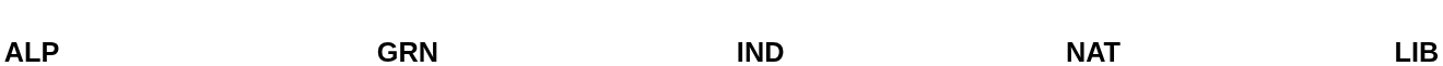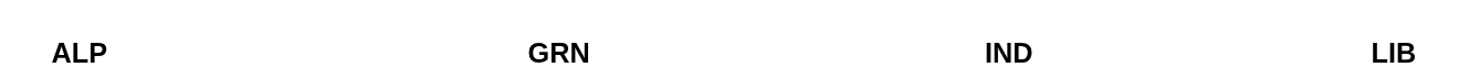 <table style="width:50%; text-align:center;">
 <tr style="color:white;">
 <td style="color:white; background:"><strong>55</strong></td>
 <td style="background:"><strong>3</strong></td>
 <td style="background:"><strong>3</strong></td>
-<td style="background:"><strong>6</strong></td>
 <td style="background:"><strong>21</strong></td>
 </tr>
 <tr>
 <td><span><strong>ALP</strong></span></td>
 <td><span><strong>GRN</strong></span></td>
 <td><span><strong>IND</strong></span></td>
-<td><span><strong>NAT</strong></span></td>
 <td><span><strong>LIB</strong></span></td>
 </tr>
 </table>
